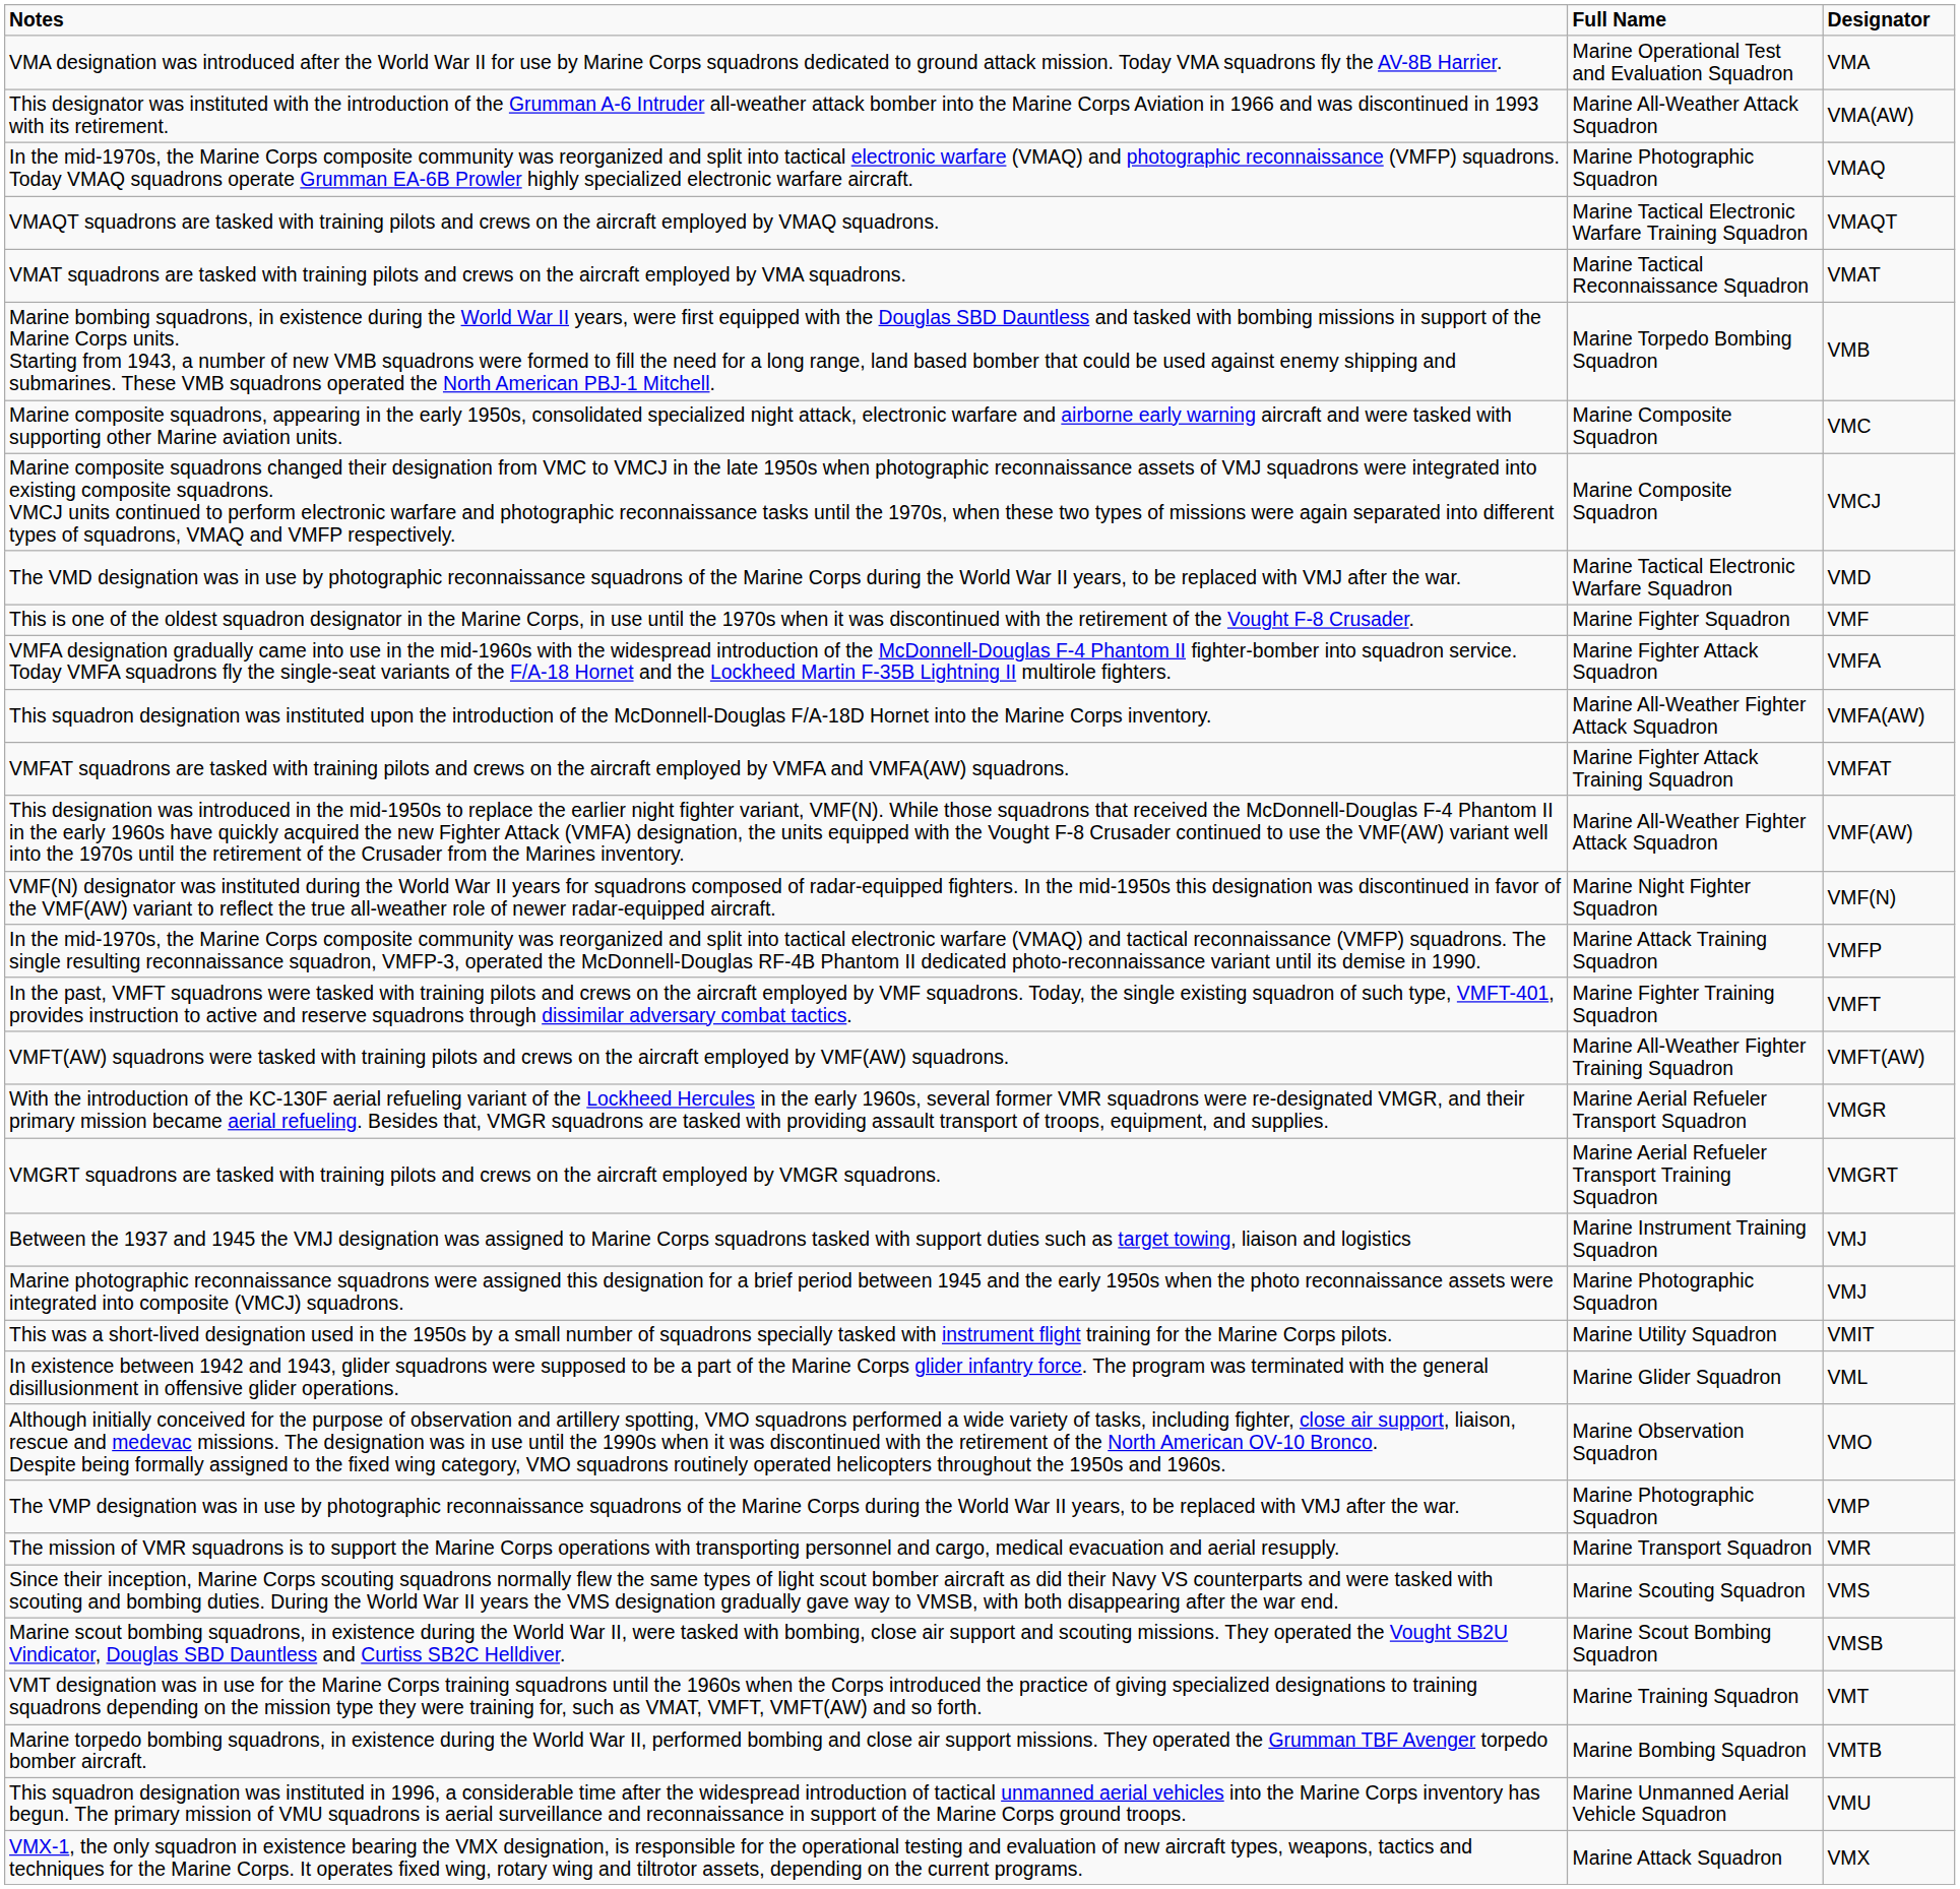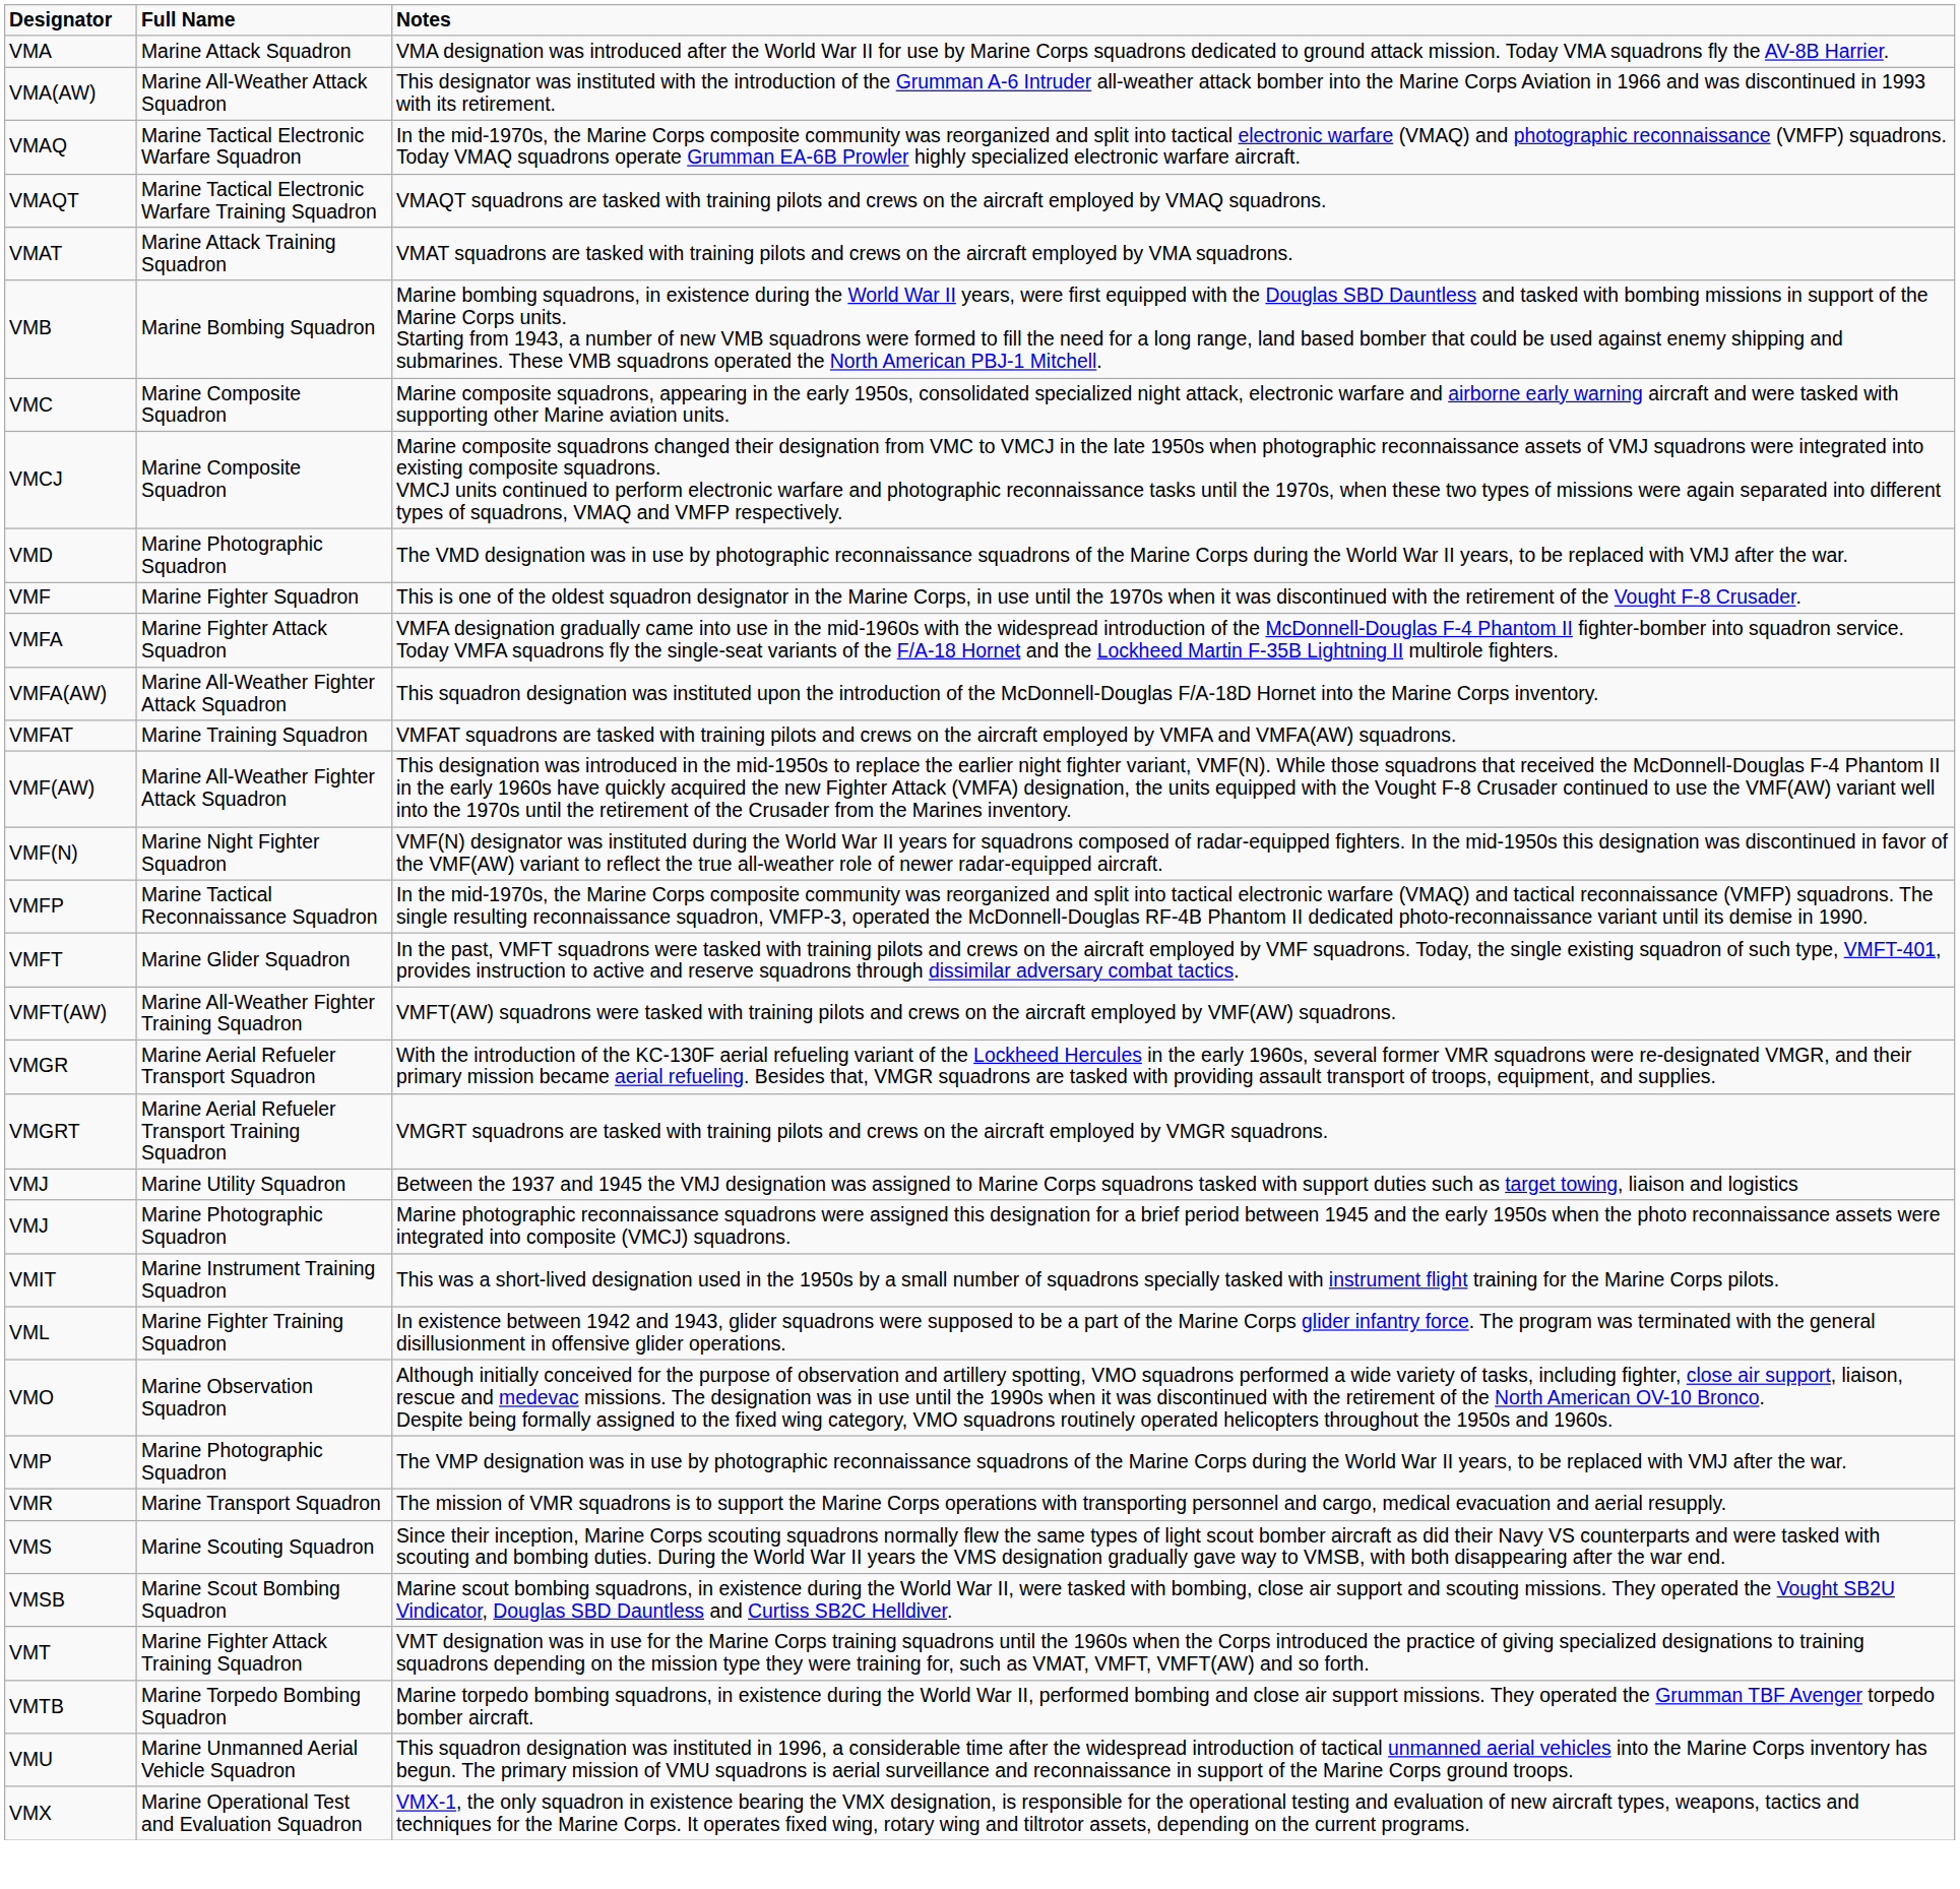 <table class="wikitable" style="width: 80%;">
 <tr>
+<td style="width: 100px;"><strong>Designator</strong></td>
+<td style="width: 200px;"><strong>Full Name</strong></td>
 <td><strong>Notes</strong></td>
-<td style="width: 200px;"><strong>Full Name</strong></td>
-<td style="width: 100px;"><strong>Designator</strong></td>
 </tr>
 <tr>
+<td>VMA</td>
+<td>Marine Attack Squadron</td>
 <td>VMA designation was introduced after the World War II for use by Marine Corps squadrons dedicated to ground attack mission. Today VMA squadrons fly the <a href='#'>AV-8B Harrier</a>.</td>
-<td>Marine Operational Test and Evaluation Squadron</td>
-<td>VMA</td>
 </tr>
 <tr>
+<td>VMA(AW)</td>
+<td>Marine All-Weather Attack Squadron</td>
 <td>This designator was instituted with the introduction of the <a href='#'>Grumman A-6 Intruder</a> all-weather attack bomber into the Marine Corps Aviation in 1966 and was discontinued in 1993 with its retirement.</td>
-<td>Marine All-Weather Attack Squadron</td>
-<td>VMA(AW)</td>
 </tr>
 <tr>
+<td>VMAQ</td>
+<td>Marine Tactical Electronic Warfare Squadron</td>
 <td>In the mid-1970s, the Marine Corps composite community was reorganized and split into tactical <a href='#'>electronic warfare</a> (VMAQ) and <a href='#'>photographic reconnaissance</a> (VMFP) squadrons. Today VMAQ squadrons operate <a href='#'>Grumman EA-6B Prowler</a> highly specialized electronic warfare aircraft.</td>
-<td>Marine Photographic Squadron</td>
-<td>VMAQ</td>
 </tr>
 <tr>
+<td>VMAQT</td>
+<td>Marine Tactical Electronic Warfare Training Squadron</td>
 <td>VMAQT squadrons are tasked with training pilots and crews on the aircraft employed by VMAQ squadrons.</td>
-<td>Marine Tactical Electronic Warfare Training Squadron</td>
-<td>VMAQT</td>
 </tr>
 <tr>
+<td>VMAT</td>
+<td>Marine Attack Training Squadron</td>
 <td>VMAT squadrons are tasked with training pilots and crews on the aircraft employed by VMA squadrons.</td>
-<td>Marine Tactical Reconnaissance Squadron</td>
-<td>VMAT</td>
 </tr>
 <tr>
+<td>VMB</td>
+<td>Marine Bombing Squadron</td>
 <td>Marine bombing squadrons, in existence during the <a href='#'>World War II</a> years, were first equipped with the <a href='#'>Douglas SBD Dauntless</a> and tasked with bombing missions in support of the Marine Corps units.<br>Starting from 1943, a number of new VMB squadrons were formed to fill the need for a long range, land based bomber that could be used against enemy shipping and submarines. These VMB squadrons operated the <a href='#'>North American PBJ-1 Mitchell</a>.</td>
-<td>Marine Torpedo Bombing Squadron</td>
-<td>VMB</td>
 </tr>
 <tr>
+<td>VMC</td>
+<td>Marine Composite Squadron</td>
 <td>Marine composite squadrons, appearing in the early 1950s, consolidated specialized night attack, electronic warfare and <a href='#'>airborne early warning</a> aircraft and were tasked with supporting other Marine aviation units.</td>
-<td>Marine Composite Squadron</td>
-<td>VMC</td>
 </tr>
 <tr>
+<td>VMCJ</td>
+<td>Marine Composite Squadron</td>
 <td>Marine composite squadrons changed their designation from VMC to VMCJ in the late 1950s when photographic reconnaissance assets of VMJ squadrons were integrated into existing composite squadrons.<br>VMCJ units continued to perform electronic warfare and photographic reconnaissance tasks until the 1970s, when these two types of missions were again separated into different types of squadrons, VMAQ and VMFP respectively.</td>
-<td>Marine Composite Squadron</td>
-<td>VMCJ</td>
 </tr>
 <tr>
+<td>VMD</td>
+<td>Marine Photographic Squadron</td>
 <td>The VMD designation was in use by photographic reconnaissance squadrons of the Marine Corps during the World War II years, to be replaced with VMJ after the war.</td>
-<td>Marine Tactical Electronic Warfare Squadron</td>
-<td>VMD</td>
 </tr>
 <tr>
+<td>VMF</td>
+<td>Marine Fighter Squadron</td>
 <td>This is one of the oldest squadron designator in the Marine Corps, in use until the 1970s when it was discontinued with the retirement of the <a href='#'>Vought F-8 Crusader</a>.</td>
-<td>Marine Fighter Squadron</td>
-<td>VMF</td>
 </tr>
 <tr>
+<td>VMFA</td>
+<td>Marine Fighter Attack Squadron</td>
 <td>VMFA designation gradually came into use in the mid-1960s with the widespread introduction of the <a href='#'>McDonnell-Douglas F-4 Phantom II</a> fighter-bomber into squadron service. Today VMFA squadrons fly the single-seat variants of the <a href='#'>F/A-18 Hornet</a> and the <a href='#'>Lockheed Martin F-35B Lightning II</a> multirole fighters.</td>
-<td>Marine Fighter Attack Squadron</td>
-<td>VMFA</td>
 </tr>
 <tr>
+<td>VMFA(AW)</td>
+<td>Marine All-Weather Fighter Attack Squadron</td>
 <td>This squadron designation was instituted upon the introduction of the McDonnell-Douglas F/A-18D Hornet into the Marine Corps inventory.</td>
-<td>Marine All-Weather Fighter Attack Squadron</td>
-<td>VMFA(AW)</td>
 </tr>
 <tr>
+<td>VMFAT</td>
+<td>Marine Training Squadron</td>
 <td>VMFAT squadrons are tasked with training pilots and crews on the aircraft employed by VMFA and VMFA(AW) squadrons.</td>
-<td>Marine Fighter Attack Training Squadron</td>
-<td>VMFAT</td>
 </tr>
 <tr>
+<td>VMF(AW)</td>
+<td>Marine All-Weather Fighter Attack Squadron</td>
 <td>This designation was introduced in the mid-1950s to replace the earlier night fighter variant, VMF(N). While those squadrons that received the McDonnell-Douglas F-4 Phantom II in the early 1960s have quickly acquired the new Fighter Attack (VMFA) designation, the units equipped with the Vought F-8 Crusader continued to use the VMF(AW) variant well into the 1970s until the retirement of the Crusader from the Marines inventory.</td>
-<td>Marine All-Weather Fighter Attack Squadron</td>
-<td>VMF(AW)</td>
 </tr>
 <tr>
+<td>VMF(N)</td>
+<td>Marine Night Fighter Squadron</td>
 <td>VMF(N) designator was instituted during the World War II years for squadrons composed of radar-equipped fighters. In the mid-1950s this designation was discontinued in favor of the VMF(AW) variant to reflect the true all-weather role of newer radar-equipped aircraft.</td>
-<td>Marine Night Fighter Squadron</td>
-<td>VMF(N)</td>
 </tr>
 <tr>
+<td>VMFP</td>
+<td>Marine Tactical Reconnaissance Squadron</td>
 <td>In the mid-1970s, the Marine Corps composite community was reorganized and split into tactical electronic warfare (VMAQ) and tactical reconnaissance (VMFP) squadrons. The single resulting reconnaissance squadron, VMFP-3, operated the McDonnell-Douglas RF-4B Phantom II dedicated photo-reconnaissance variant until its demise in 1990.</td>
-<td>Marine Attack Training Squadron</td>
-<td>VMFP</td>
 </tr>
 <tr>
+<td>VMFT</td>
+<td>Marine Glider Squadron</td>
 <td>In the past, VMFT squadrons were tasked with training pilots and crews on the aircraft employed by VMF squadrons. Today, the single existing squadron of such type, <a href='#'>VMFT-401</a>, provides instruction to active and reserve squadrons through <a href='#'>dissimilar adversary combat tactics</a>.</td>
-<td>Marine Fighter Training Squadron</td>
-<td>VMFT</td>
 </tr>
 <tr>
+<td>VMFT(AW)</td>
+<td>Marine All-Weather Fighter Training Squadron</td>
 <td>VMFT(AW) squadrons were tasked with training pilots and crews on the aircraft employed by VMF(AW) squadrons.</td>
-<td>Marine All-Weather Fighter Training Squadron</td>
-<td>VMFT(AW)</td>
 </tr>
 <tr>
+<td>VMGR</td>
+<td>Marine Aerial Refueler Transport Squadron</td>
 <td>With the introduction of the KC-130F aerial refueling variant of the <a href='#'>Lockheed Hercules</a> in the early 1960s, several former VMR squadrons were re-designated VMGR, and their primary mission became <a href='#'>aerial refueling</a>. Besides that, VMGR squadrons are tasked with providing assault transport of troops, equipment, and supplies.</td>
-<td>Marine Aerial Refueler Transport Squadron</td>
-<td>VMGR</td>
 </tr>
 <tr>
+<td>VMGRT</td>
+<td>Marine Aerial Refueler Transport Training Squadron</td>
 <td>VMGRT squadrons are tasked with training pilots and crews on the aircraft employed by VMGR squadrons.</td>
-<td>Marine Aerial Refueler Transport Training Squadron</td>
-<td>VMGRT</td>
 </tr>
 <tr>
+<td>VMJ</td>
+<td>Marine Utility Squadron</td>
 <td>Between the 1937 and 1945 the VMJ designation was assigned to Marine Corps squadrons tasked with support duties such as <a href='#'>target towing</a>, liaison and logistics</td>
-<td>Marine Instrument Training Squadron</td>
-<td>VMJ</td>
 </tr>
 <tr>
+<td>VMJ</td>
+<td>Marine Photographic Squadron</td>
 <td>Marine photographic reconnaissance squadrons were assigned this designation for a brief period between 1945 and the early 1950s when the photo reconnaissance assets were integrated into composite (VMCJ) squadrons.</td>
-<td>Marine Photographic Squadron</td>
-<td>VMJ</td>
 </tr>
 <tr>
+<td>VMIT</td>
+<td>Marine Instrument Training Squadron</td>
 <td>This was a short-lived designation used in the 1950s by a small number of squadrons specially tasked with <a href='#'>instrument flight</a> training for the Marine Corps pilots.</td>
-<td>Marine Utility Squadron</td>
-<td>VMIT</td>
 </tr>
 <tr>
+<td>VML</td>
+<td>Marine Fighter Training Squadron</td>
 <td>In existence between 1942 and 1943, glider squadrons were supposed to be a part of the Marine Corps <a href='#'>glider infantry force</a>. The program was terminated with the general disillusionment in offensive glider operations.</td>
-<td>Marine Glider Squadron</td>
-<td>VML</td>
 </tr>
 <tr>
+<td>VMO</td>
+<td>Marine Observation Squadron</td>
 <td>Although initially conceived for the purpose of observation and artillery spotting, VMO squadrons performed a wide variety of tasks, including fighter, <a href='#'>close air support</a>, liaison, rescue and <a href='#'>medevac</a> missions. The designation was in use until the 1990s when it was discontinued with the retirement of the <a href='#'>North American OV-10 Bronco</a>.<br>Despite being formally assigned to the fixed wing category, VMO squadrons routinely operated helicopters throughout the 1950s and 1960s.</td>
-<td>Marine Observation Squadron</td>
-<td>VMO</td>
 </tr>
 <tr>
+<td>VMP</td>
+<td>Marine Photographic Squadron</td>
 <td>The VMP designation was in use by photographic reconnaissance squadrons of the Marine Corps during the World War II years, to be replaced with VMJ after the war.</td>
-<td>Marine Photographic Squadron</td>
-<td>VMP</td>
 </tr>
 <tr>
+<td>VMR</td>
+<td>Marine Transport Squadron</td>
 <td>The mission of VMR squadrons is to support the Marine Corps operations with transporting personnel and cargo, medical evacuation and aerial resupply.</td>
-<td>Marine Transport Squadron</td>
-<td>VMR</td>
 </tr>
 <tr>
+<td>VMS</td>
+<td>Marine Scouting Squadron</td>
 <td>Since their inception, Marine Corps scouting squadrons normally flew the same types of light scout bomber aircraft as did their Navy VS counterparts and were tasked with scouting and bombing duties. During the World War II years the VMS designation gradually gave way to VMSB, with both disappearing after the war end.</td>
-<td>Marine Scouting Squadron</td>
-<td>VMS</td>
 </tr>
 <tr>
+<td>VMSB</td>
+<td>Marine Scout Bombing Squadron</td>
 <td>Marine scout bombing squadrons, in existence during the World War II, were tasked with bombing, close air support and scouting missions. They operated the <a href='#'>Vought SB2U Vindicator</a>, <a href='#'>Douglas SBD Dauntless</a> and <a href='#'>Curtiss SB2C Helldiver</a>.</td>
-<td>Marine Scout Bombing Squadron</td>
-<td>VMSB</td>
 </tr>
 <tr>
+<td>VMT</td>
+<td>Marine Fighter Attack Training Squadron</td>
 <td>VMT designation was in use for the Marine Corps training squadrons until the 1960s when the Corps introduced the practice of giving specialized designations to training squadrons depending on the mission type they were training for, such as VMAT, VMFT, VMFT(AW) and so forth.</td>
-<td>Marine Training Squadron</td>
-<td>VMT</td>
 </tr>
 <tr>
+<td>VMTB</td>
+<td>Marine Torpedo Bombing Squadron</td>
 <td>Marine torpedo bombing squadrons, in existence during the World War II, performed bombing and close air support missions. They operated the <a href='#'>Grumman TBF Avenger</a> torpedo bomber aircraft.</td>
-<td>Marine Bombing Squadron</td>
-<td>VMTB</td>
 </tr>
 <tr>
+<td>VMU</td>
+<td>Marine Unmanned Aerial Vehicle Squadron</td>
 <td>This squadron designation was instituted in 1996, a considerable time after the widespread introduction of tactical <a href='#'>unmanned aerial vehicles</a> into the Marine Corps inventory has begun. The primary mission of VMU squadrons is aerial surveillance and reconnaissance in support of the Marine Corps ground troops.</td>
-<td>Marine Unmanned Aerial Vehicle Squadron</td>
-<td>VMU</td>
 </tr>
 <tr>
+<td>VMX</td>
+<td>Marine Operational Test and Evaluation Squadron</td>
 <td><a href='#'>VMX-1</a>, the only squadron in existence bearing the VMX designation, is responsible for the operational testing and evaluation of new aircraft types, weapons, tactics and techniques for the Marine Corps. It operates fixed wing, rotary wing and tiltrotor assets, depending on the current programs.</td>
-<td>Marine Attack Squadron</td>
-<td>VMX</td>
 </tr>
 </table>
